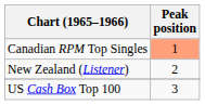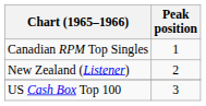 <table class="wikitable sortable">
 <tr>
 <th align="left">Chart (1965–1966)</th>
 <th style="text-align:center;">Peak<br>position</th>
 </tr>
 <tr>
 <td>Canadian <em>RPM</em> Top Singles</td>
-<td style="background: lightsalmon; text-align:center;">1</td>
+<td style="text-align:center;">1</td>
 </tr>
 <tr>
 <td>New Zealand (<em><a href='#'>Listener</a></em>)</td>
 <td style="text-align:center;">2</td>
 </tr>
 <tr>
 </tr>
 <tr>
 <td>US <a href='#'><em>Cash Box</em></a> Top 100</td>
 <td align="center">3</td>
 </tr>
 </table>
